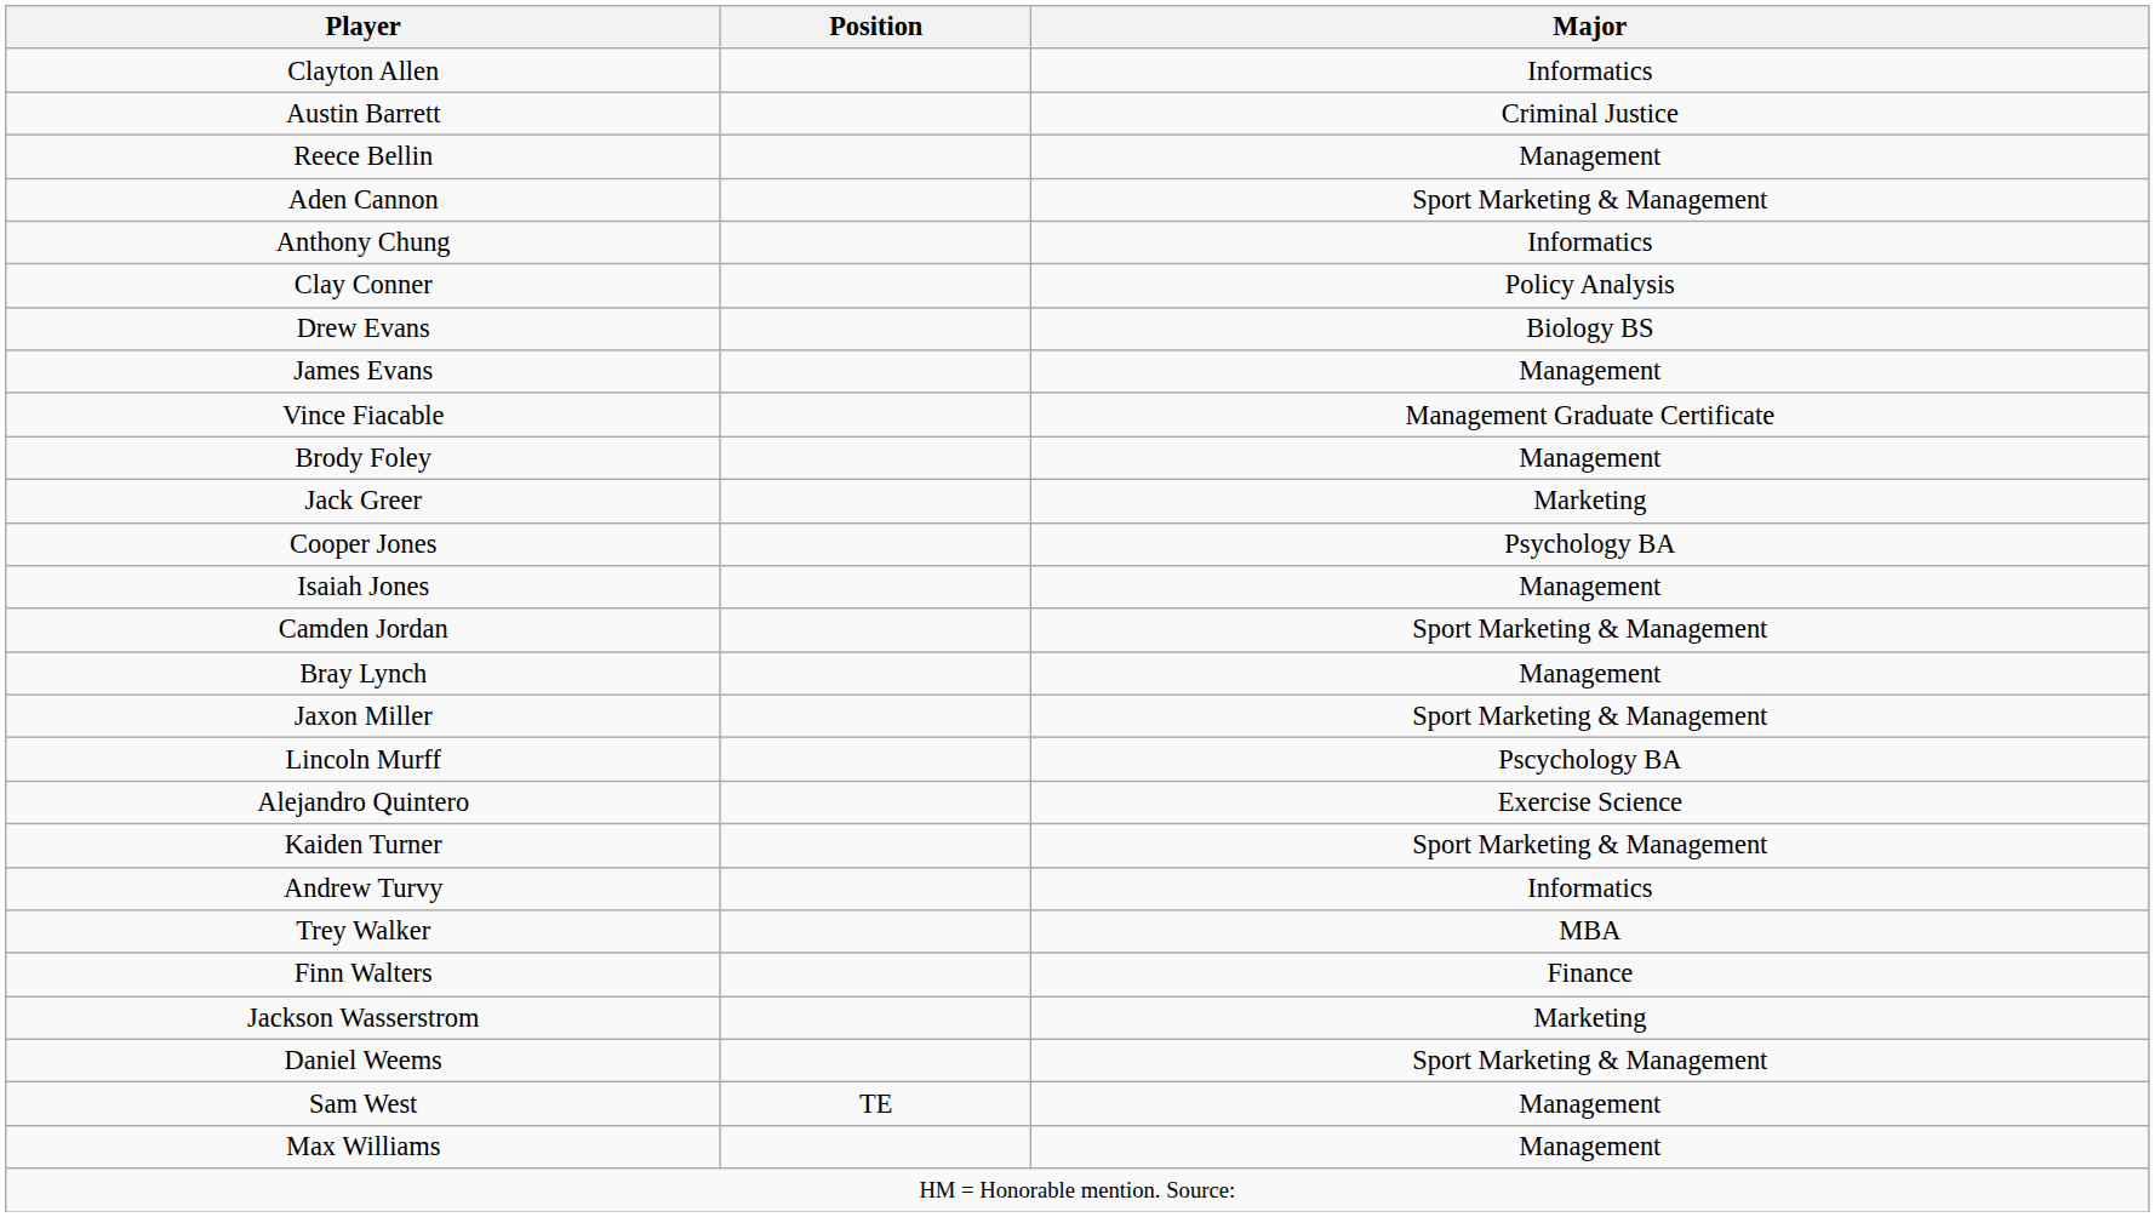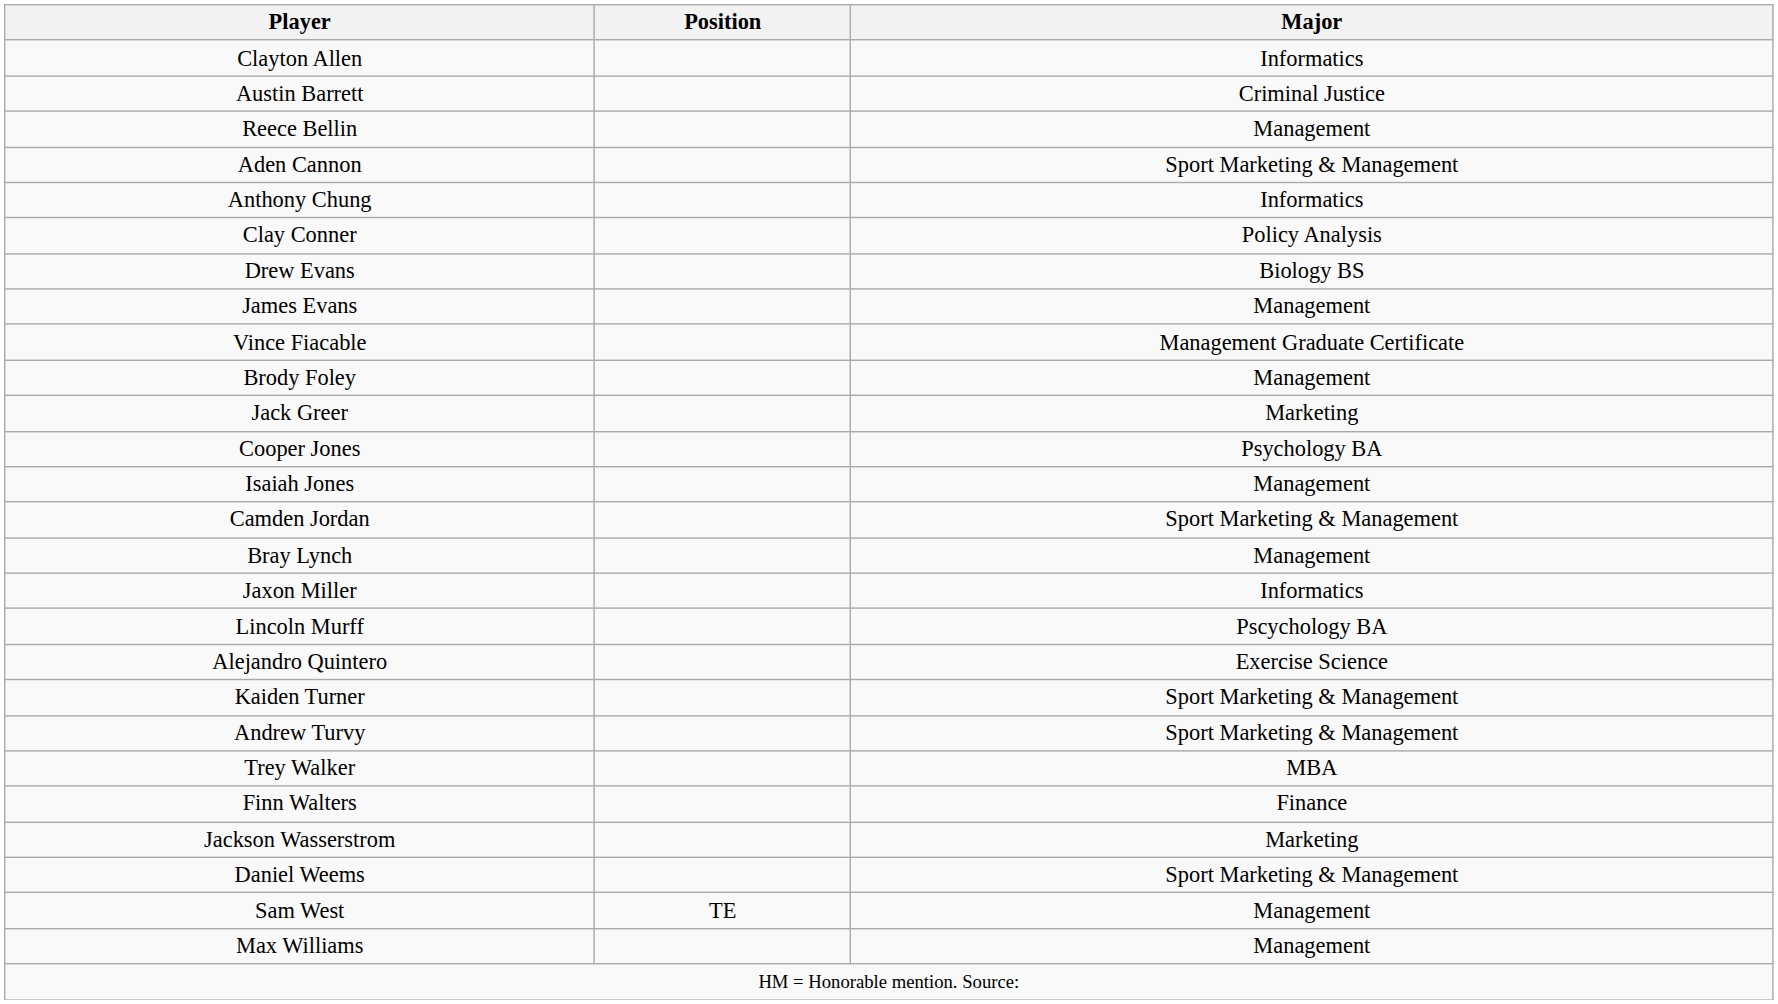 <table class="wikitable" style="width: 100%; text-align: center;">
 <tr>
 <th>Player</th>
 <th>Position</th>
 <th>Major</th>
 </tr>
 <tr>
 <td>Clayton Allen</td>
 <td></td>
 <td>Informatics</td>
 </tr>
 <tr>
 <td>Austin Barrett</td>
 <td></td>
 <td>Criminal Justice</td>
 </tr>
 <tr>
 <td>Reece Bellin</td>
 <td></td>
 <td>Management</td>
 </tr>
 <tr>
 <td>Aden Cannon</td>
 <td></td>
 <td>Sport Marketing & Management</td>
 </tr>
 <tr>
 <td>Anthony Chung</td>
 <td></td>
 <td>Informatics</td>
 </tr>
 <tr>
 <td>Clay Conner</td>
 <td></td>
 <td>Policy Analysis</td>
 </tr>
 <tr>
 <td>Drew Evans</td>
 <td></td>
 <td>Biology BS</td>
 </tr>
 <tr>
 <td>James Evans</td>
 <td></td>
 <td>Management</td>
 </tr>
 <tr>
 <td>Vince Fiacable</td>
 <td></td>
 <td>Management Graduate Certificate</td>
 </tr>
 <tr>
 <td>Brody Foley</td>
 <td></td>
 <td>Management</td>
 </tr>
 <tr>
 <td>Jack Greer</td>
 <td></td>
 <td>Marketing</td>
 </tr>
 <tr>
 <td>Cooper Jones</td>
 <td></td>
 <td>Psychology BA</td>
 </tr>
 <tr>
 <td>Isaiah Jones</td>
 <td></td>
 <td>Management</td>
 </tr>
 <tr>
 <td>Camden Jordan</td>
 <td></td>
 <td>Sport Marketing & Management</td>
 </tr>
 <tr>
 <td>Bray Lynch</td>
 <td></td>
 <td>Management</td>
 </tr>
 <tr>
 <td>Jaxon Miller</td>
 <td></td>
-<td>Sport Marketing & Management</td>
+<td>Informatics</td>
 </tr>
 <tr>
 <td>Lincoln Murff</td>
 <td></td>
 <td>Pscychology BA</td>
 </tr>
 <tr>
 <td>Alejandro Quintero</td>
 <td></td>
 <td>Exercise Science</td>
 </tr>
 <tr>
 <td>Kaiden Turner</td>
 <td></td>
 <td>Sport Marketing & Management</td>
 </tr>
 <tr>
 <td>Andrew Turvy</td>
 <td></td>
-<td>Informatics</td>
+<td>Sport Marketing & Management</td>
 </tr>
 <tr>
 <td>Trey Walker</td>
 <td></td>
 <td>MBA</td>
 </tr>
 <tr>
 <td>Finn Walters</td>
 <td></td>
 <td>Finance</td>
 </tr>
 <tr>
 <td>Jackson Wasserstrom</td>
 <td></td>
 <td>Marketing</td>
 </tr>
 <tr>
 <td>Daniel Weems</td>
 <td></td>
 <td>Sport Marketing & Management</td>
 </tr>
 <tr>
 <td>Sam West</td>
 <td>TE</td>
 <td>Management</td>
 </tr>
 <tr>
 <td>Max Williams</td>
 <td></td>
 <td>Management</td>
 </tr>
 <tr>
 <td colspan="4"><small>HM = Honorable mention. Source: </small></td>
 </tr>
 </table>
